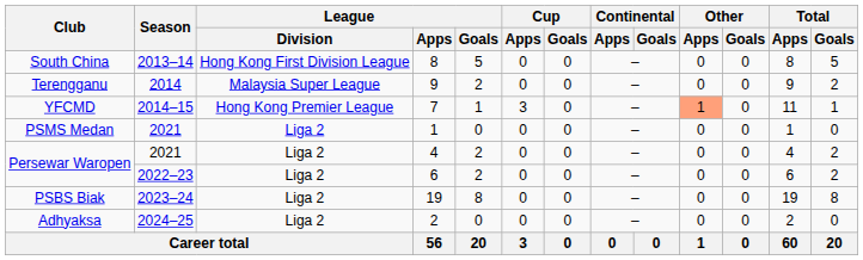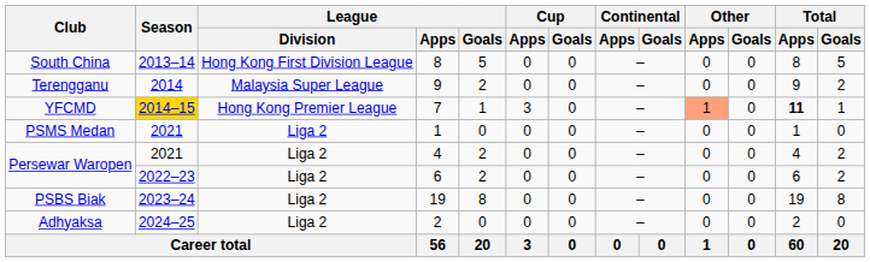 <table class="wikitable" style="text-align:center">
 <tr>
 <th rowspan="2">Club</th>
 <th rowspan="2">Season</th>
 <th colspan="3">League</th>
 <th colspan="2">Cup</th>
 <th colspan="2">Continental</th>
 <th colspan="2">Other</th>
 <th colspan="2">Total</th>
 </tr>
 <tr>
 <th>Division</th>
 <th>Apps</th>
 <th>Goals</th>
 <th>Apps</th>
 <th>Goals</th>
 <th>Apps</th>
 <th>Goals</th>
 <th>Apps</th>
 <th>Goals</th>
 <th>Apps</th>
 <th>Goals</th>
 </tr>
 <tr>
 <td><a href='#'>South China</a></td>
 <td><a href='#'>2013–14</a></td>
 <td><a href='#'>Hong Kong First Division League</a></td>
 <td>8</td>
 <td>5</td>
 <td>0</td>
 <td>0</td>
 <td colspan="2">–</td>
 <td>0</td>
 <td>0</td>
 <td>8</td>
 <td>5</td>
 </tr>
 <tr>
 <td><a href='#'>Terengganu</a></td>
 <td><a href='#'>2014</a></td>
 <td><a href='#'>Malaysia Super League</a></td>
 <td>9</td>
 <td>2</td>
 <td>0</td>
 <td>0</td>
 <td colspan="2">–</td>
 <td>0</td>
 <td>0</td>
 <td>9</td>
 <td>2</td>
 </tr>
 <tr>
 <td><a href='#'>YFCMD</a></td>
-<td><a href='#'>2014–15</a></td>
+<td style="background: gold;"><a href='#'>2014–15</a></td>
 <td><a href='#'>Hong Kong Premier League</a></td>
 <td>7</td>
 <td>1</td>
 <td>3</td>
 <td>0</td>
 <td colspan="2">–</td>
 <td style="background: lightsalmon;">1</td>
 <td>0</td>
-<td>11</td>
+<td><strong>11</strong></td>
 <td>1</td>
 </tr>
 <tr>
 <td><a href='#'>PSMS Medan</a></td>
 <td><a href='#'>2021</a></td>
 <td><a href='#'>Liga 2</a></td>
 <td>1</td>
 <td>0</td>
 <td>0</td>
 <td>0</td>
 <td colspan="2">–</td>
 <td>0</td>
 <td>0</td>
 <td>1</td>
 <td>0</td>
 </tr>
 <tr>
 <td rowspan="2"><a href='#'>Persewar Waropen</a></td>
 <td>2021</td>
 <td>Liga 2</td>
 <td>4</td>
 <td>2</td>
 <td>0</td>
 <td>0</td>
 <td colspan="2">–</td>
 <td>0</td>
 <td>0</td>
 <td>4</td>
 <td>2</td>
 </tr>
 <tr>
 <td><a href='#'>2022–23</a></td>
 <td rowspan="1">Liga 2</td>
 <td>6</td>
 <td>2</td>
 <td>0</td>
 <td>0</td>
 <td colspan="2">–</td>
 <td>0</td>
 <td>0</td>
 <td>6</td>
 <td>2</td>
 </tr>
 <tr>
 <td rowspan="1"><a href='#'>PSBS Biak</a></td>
 <td><a href='#'>2023–24</a></td>
 <td>Liga 2</td>
 <td>19</td>
 <td>8</td>
 <td>0</td>
 <td>0</td>
 <td colspan="2">–</td>
 <td>0</td>
 <td>0</td>
 <td>19</td>
 <td>8</td>
 </tr>
 <tr>
 <td rowspan="1"><a href='#'>Adhyaksa</a></td>
 <td><a href='#'>2024–25</a></td>
 <td>Liga 2</td>
 <td>2</td>
 <td>0</td>
 <td>0</td>
 <td>0</td>
 <td colspan="2">–</td>
 <td>0</td>
 <td>0</td>
 <td>2</td>
 <td>0</td>
 </tr>
 <tr>
 <th colspan="3">Career total</th>
 <th>56</th>
 <th>20</th>
 <th>3</th>
 <th>0</th>
 <th>0</th>
 <th>0</th>
 <th>1</th>
 <th>0</th>
 <th>60</th>
 <th>20</th>
 </tr>
 </table>
